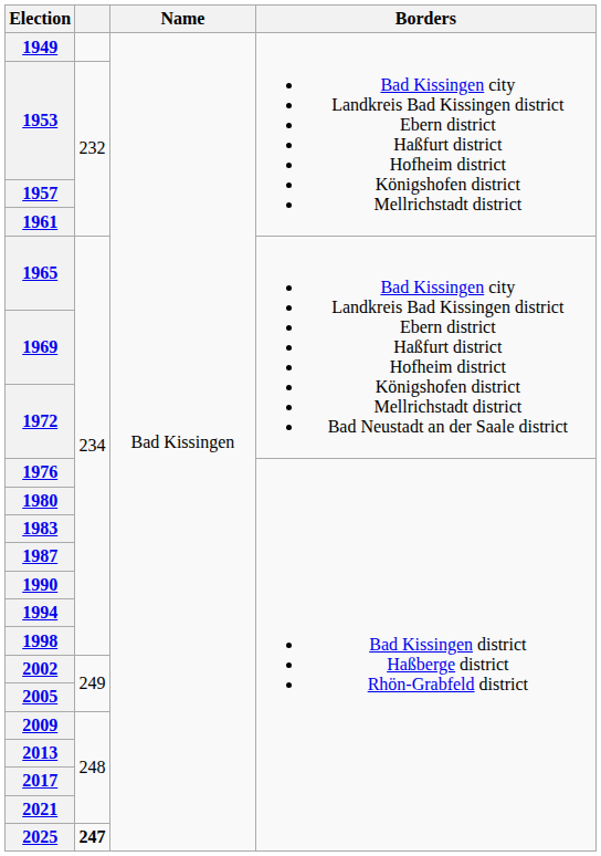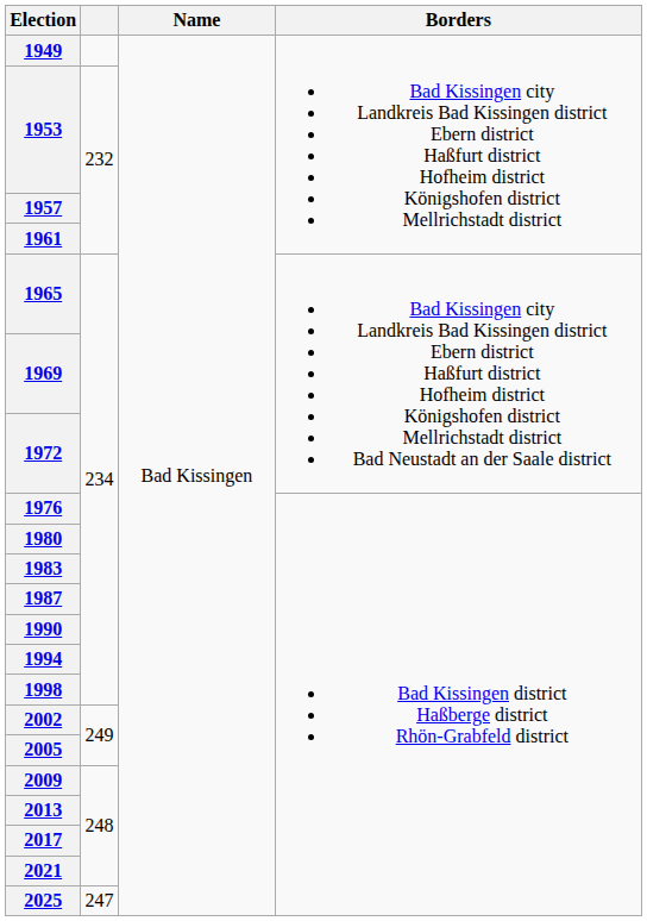 <table class=wikitable style="text-align:center">
 <tr>
 <th>Election</th>
 <th></th>
 <th width=125px>Name</th>
 <th width=300px>Borders</th>
 </tr>
 <tr>
 <th><a href='#'>1949</a></th>
 <td></td>
 <td rowspan=21>Bad Kissingen</td>
 <td rowspan=4><br><ul><li><a href='#'>Bad Kissingen</a> city</li><li>Landkreis Bad Kissingen district</li><li>Ebern district</li><li>Haßfurt district</li><li>Hofheim district</li><li>Königshofen district</li><li>Mellrichstadt district</li></ul></td>
 </tr>
 <tr>
 <th><a href='#'>1953</a></th>
 <td rowspan=3>232</td>
 </tr>
 <tr>
 <th><a href='#'>1957</a></th>
 </tr>
 <tr>
 <th><a href='#'>1961</a></th>
 </tr>
 <tr>
 <th><a href='#'>1965</a></th>
 <td rowspan=10>234</td>
 <td rowspan=3><br><ul><li><a href='#'>Bad Kissingen</a> city</li><li>Landkreis Bad Kissingen district</li><li>Ebern district</li><li>Haßfurt district</li><li>Hofheim district</li><li>Königshofen district</li><li>Mellrichstadt district</li><li>Bad Neustadt an der Saale district</li></ul></td>
 </tr>
 <tr>
 <th><a href='#'>1969</a></th>
 </tr>
 <tr>
 <th><a href='#'>1972</a></th>
 </tr>
 <tr>
 <th><a href='#'>1976</a></th>
 <td rowspan=14><br><ul><li><a href='#'>Bad Kissingen</a> district</li><li><a href='#'>Haßberge</a> district</li><li><a href='#'>Rhön-Grabfeld</a> district</li></ul></td>
 </tr>
 <tr>
 <th><a href='#'>1980</a></th>
 </tr>
 <tr>
 <th><a href='#'>1983</a></th>
 </tr>
 <tr>
 <th><a href='#'>1987</a></th>
 </tr>
 <tr>
 <th><a href='#'>1990</a></th>
 </tr>
 <tr>
 <th><a href='#'>1994</a></th>
 </tr>
 <tr>
 <th><a href='#'>1998</a></th>
 </tr>
 <tr>
 <th><a href='#'>2002</a></th>
 <td rowspan=2>249</td>
 </tr>
 <tr>
 <th><a href='#'>2005</a></th>
 </tr>
 <tr>
 <th><a href='#'>2009</a></th>
 <td rowspan=4>248</td>
 </tr>
 <tr>
 <th><a href='#'>2013</a></th>
 </tr>
 <tr>
 <th><a href='#'>2017</a></th>
 </tr>
 <tr>
 <th><a href='#'>2021</a></th>
 </tr>
 <tr>
 <th><a href='#'>2025</a></th>
-<td><strong>247</strong></td>
+<td>247</td>
 </tr>
 </table>
